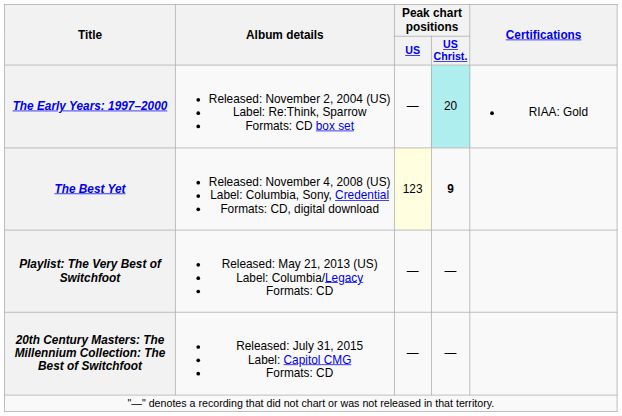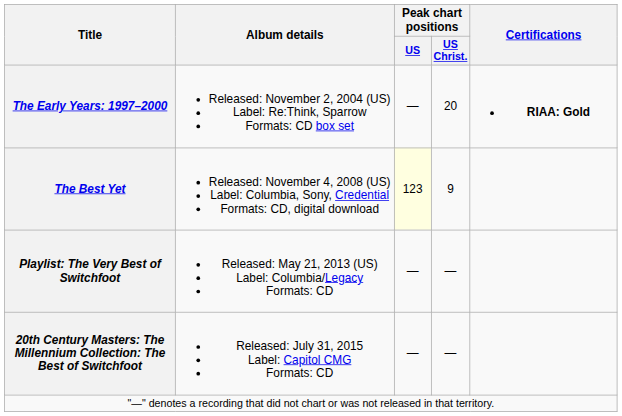 <table class="wikitable plainrowheaders" style="text-align:center;">
 <tr>
 <th scope="col" rowspan="2" style="width:14em;">Title</th>
 <th scope="col" rowspan="2" style="width:18em;">Album details</th>
 <th scope="col" colspan="2">Peak chart positions</th>
 <th scope="col" rowspan="2" style="width:12em;"><a href='#'>Certifications</a></th>
 </tr>
 <tr>
 <th scope="col" style="width:3em;font-size:90%;"><a href='#'>US</a><br></th>
 <th scope="col" style="width:3em;font-size:90%;"><a href='#'>US<br>Christ.</a><br></th>
 </tr>
 <tr>
 <th scope="row"><em><a href='#'>The Early Years: 1997–2000</a></em></th>
 <td><br><ul><li>Released: November 2, 2004 <span>(US)</span></li><li>Label: Re:Think, Sparrow</li><li>Formats: CD <a href='#'>box set</a></li></ul></td>
 <td>—</td>
-<td style="background: paleturquoise;">20</td>
-<td><br><ul><li>RIAA: Gold</li></ul></td>
+<td>20</td>
+<td><strong><br><ul><li>RIAA: Gold</li></ul></strong></td>
 </tr>
 <tr>
 <th scope="row"><em><a href='#'>The Best Yet</a></em></th>
 <td><br><ul><li>Released: November 4, 2008 <span>(US)</span></li><li>Label: Columbia, Sony, <a href='#'>Credential</a></li><li>Formats: CD, digital download</li></ul></td>
 <td style="background: lightyellow;">123</td>
-<td><strong>9</strong></td>
+<td>9</td>
 <td></td>
 </tr>
 <tr>
 <th scope="row"><em>Playlist: The Very Best of Switchfoot</em></th>
 <td><br><ul><li>Released: May 21, 2013 <span>(US)</span></li><li>Label: Columbia/<a href='#'>Legacy</a></li><li>Formats: CD</li></ul></td>
 <td>—</td>
 <td>—</td>
 <td></td>
 </tr>
 <tr>
 <th scope="row"><em>20th Century Masters: The Millennium Collection: The Best of Switchfoot</em></th>
 <td><br><ul><li>Released: July 31, 2015</li><li>Label: <a href='#'>Capitol CMG</a></li><li>Formats: CD</li></ul></td>
 <td>—</td>
 <td>—</td>
 <td></td>
 </tr>
 <tr>
 <td colspan="6" style="font-size:90%">"—" denotes a recording that did not chart or was not released in that territory.</td>
 </tr>
 </table>
